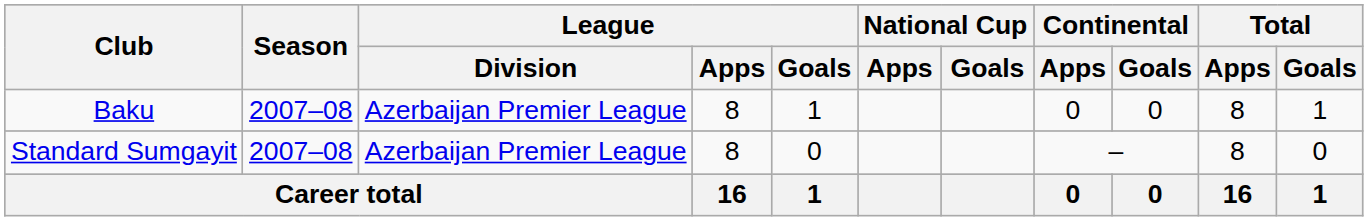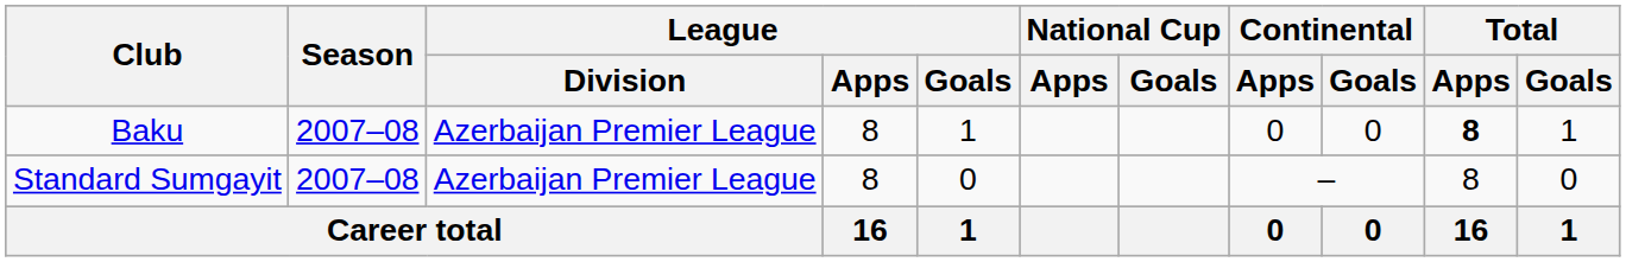 <table class="wikitable" style="text-align: center;">
 <tr>
 <th rowspan="2">Club</th>
 <th rowspan="2">Season</th>
 <th colspan="3">League</th>
 <th colspan="2">National Cup</th>
 <th colspan="2">Continental</th>
 <th colspan="2">Total</th>
 </tr>
 <tr>
 <th>Division</th>
 <th>Apps</th>
 <th>Goals</th>
 <th>Apps</th>
 <th>Goals</th>
 <th>Apps</th>
 <th>Goals</th>
 <th>Apps</th>
 <th>Goals</th>
 </tr>
 <tr>
 <td valign="center"><a href='#'>Baku</a></td>
 <td><a href='#'>2007–08</a></td>
 <td><a href='#'>Azerbaijan Premier League</a></td>
 <td>8</td>
 <td>1</td>
 <td></td>
 <td></td>
 <td>0</td>
 <td>0</td>
-<td>8</td>
+<td><strong>8</strong></td>
 <td>1</td>
 </tr>
 <tr>
 <td valign="center"><a href='#'>Standard Sumgayit</a></td>
 <td><a href='#'>2007–08</a></td>
 <td><a href='#'>Azerbaijan Premier League</a></td>
 <td>8</td>
 <td>0</td>
 <td></td>
 <td></td>
 <td colspan="2">–</td>
 <td>8</td>
 <td>0</td>
 </tr>
 <tr>
 <th colspan="3">Career total</th>
 <th>16</th>
 <th>1</th>
 <th></th>
 <th></th>
 <th>0</th>
 <th>0</th>
 <th>16</th>
 <th>1</th>
 </tr>
 </table>
